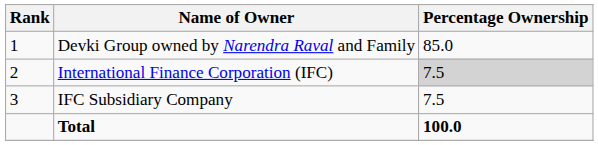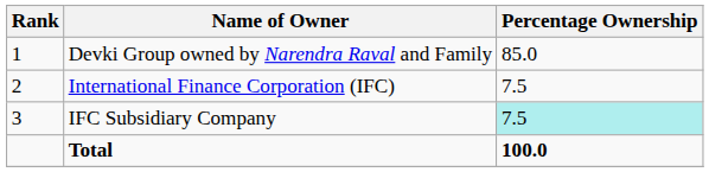 <table class="wikitable sortable" style="margin: 0.5em auto">
 <tr>
 <th>Rank</th>
 <th>Name of Owner</th>
 <th>Percentage Ownership</th>
 </tr>
 <tr>
 <td>1</td>
 <td>Devki Group owned by <em><a href='#'>Narendra Raval</a></em> and Family</td>
 <td>85.0</td>
 </tr>
 <tr>
 <td>2</td>
 <td><a href='#'>International Finance Corporation</a> (IFC)</td>
-<td style="background: lightgrey;">7.5</td>
+<td>7.5</td>
 </tr>
 <tr>
 <td>3</td>
 <td>IFC Subsidiary Company</td>
-<td>7.5</td>
+<td style="background: paleturquoise;">7.5</td>
 </tr>
 <tr>
 <td></td>
 <td><strong>Total</strong></td>
 <td><strong>100.0</strong></td>
 </tr>
 <tr>
 </tr>
 </table>
